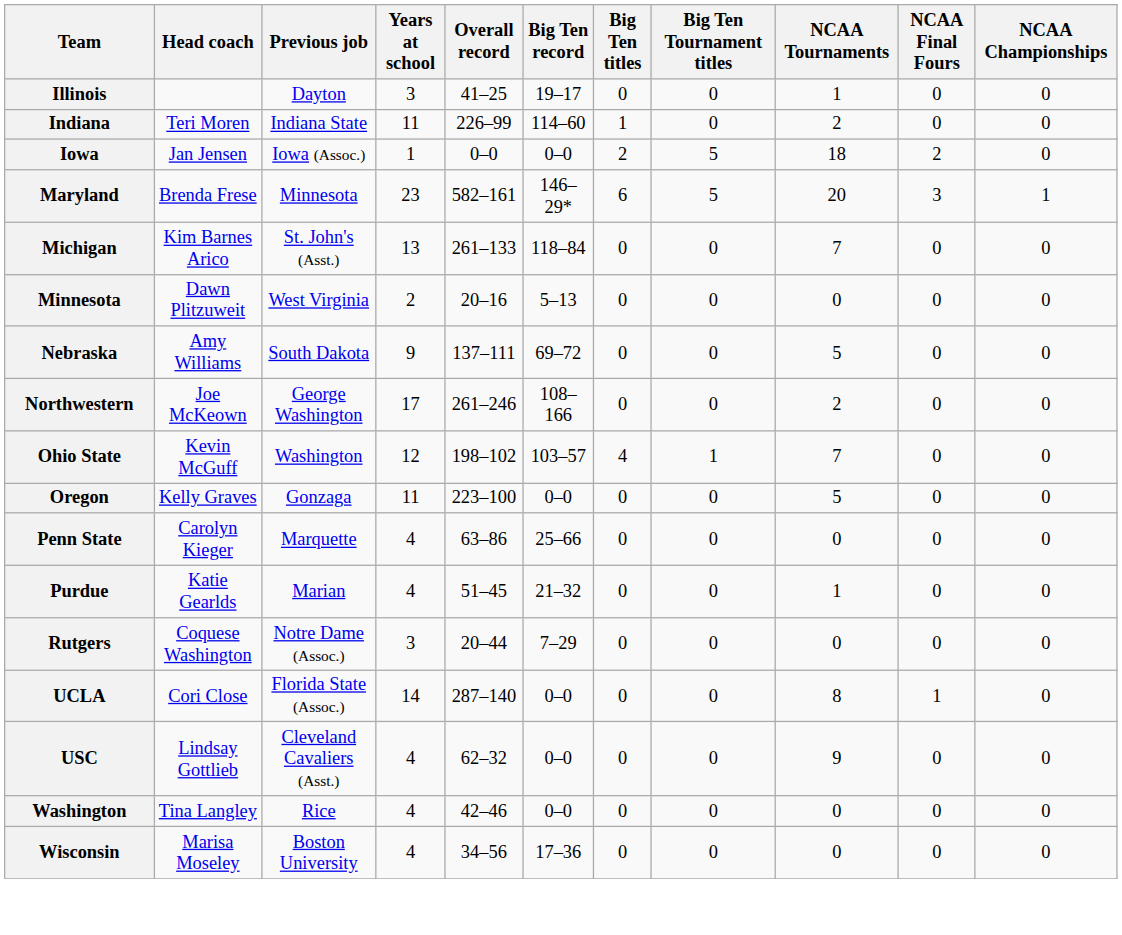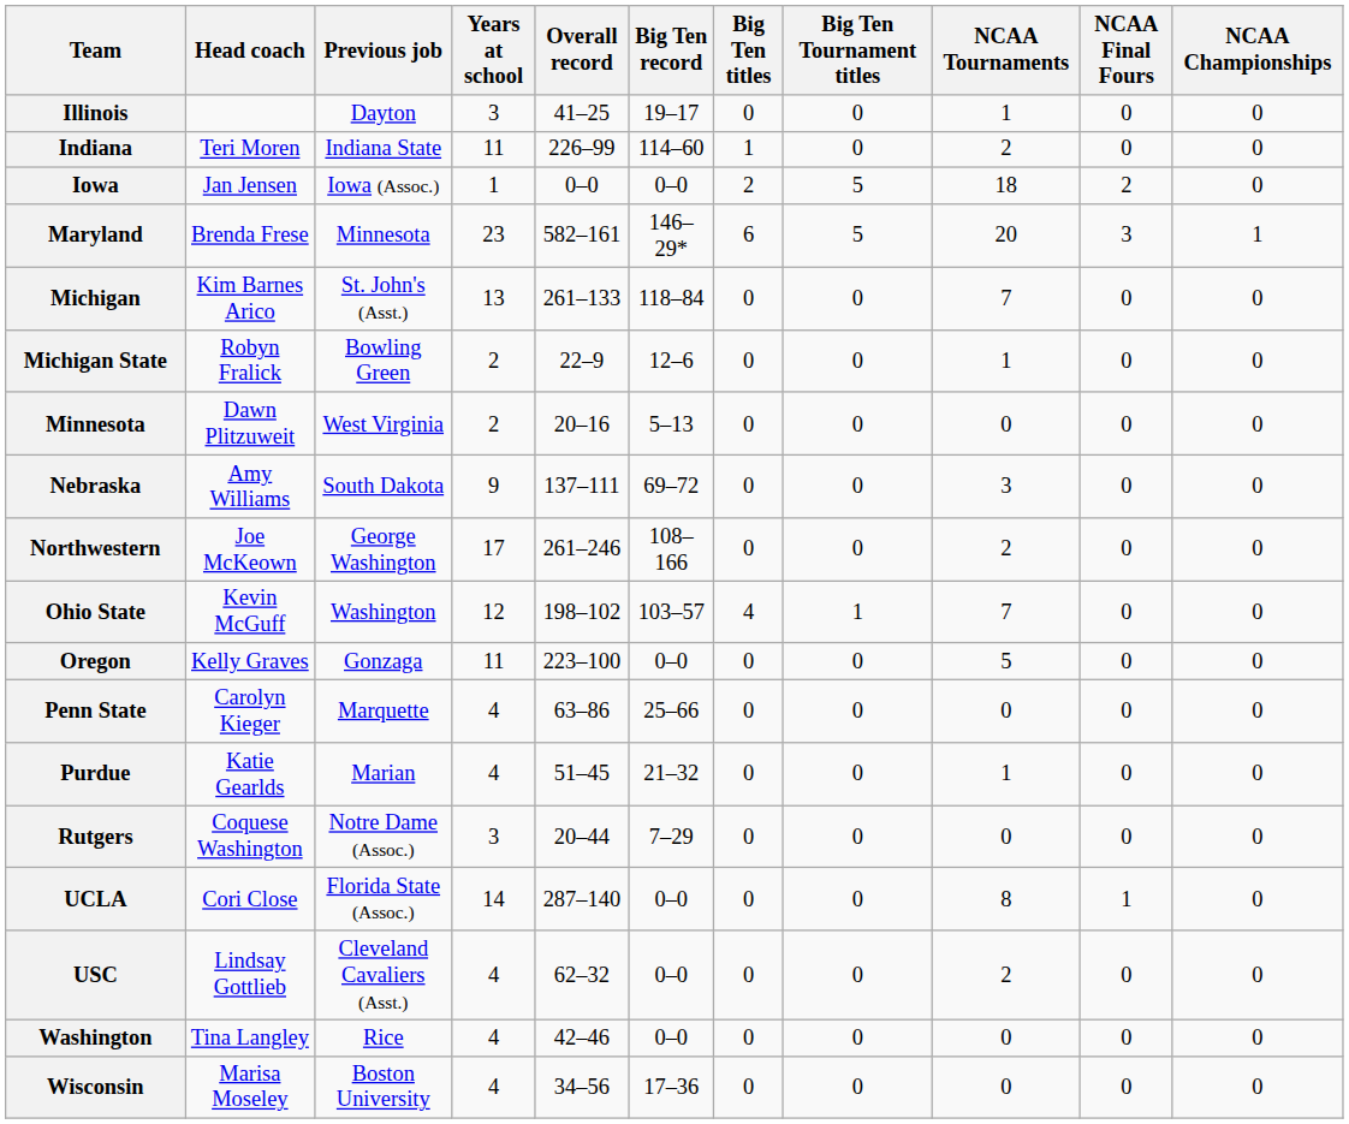 <table class="wikitable sortable" style="text-align: center;font-size:90%;">
 <tr>
 <th width="110">Team</th>
 <th>Head coach</th>
 <th>Previous job</th>
 <th>Years at school</th>
 <th>Overall record</th>
 <th>Big Ten record</th>
 <th>Big Ten titles</th>
 <th>Big Ten Tournament titles</th>
 <th>NCAA Tournaments</th>
 <th>NCAA Final Fours</th>
 <th>NCAA Championships</th>
 </tr>
 <tr>
 <th>Illinois</th>
 <td></td>
 <td><a href='#'>Dayton</a></td>
 <td>3</td>
 <td>41–25</td>
 <td>19–17</td>
 <td>0</td>
 <td>0</td>
 <td>1</td>
 <td>0</td>
 <td>0</td>
 </tr>
 <tr>
 <th>Indiana</th>
 <td><a href='#'>Teri Moren</a></td>
 <td><a href='#'>Indiana State</a></td>
 <td>11</td>
 <td>226–99</td>
 <td>114–60</td>
 <td>1</td>
 <td>0</td>
 <td>2</td>
 <td>0</td>
 <td>0</td>
 </tr>
 <tr>
 <th>Iowa</th>
 <td><a href='#'>Jan Jensen</a></td>
 <td><a href='#'>Iowa</a> <small>(Assoc.)</small></td>
 <td>1</td>
 <td>0–0</td>
 <td>0–0</td>
 <td>2</td>
 <td>5</td>
 <td>18</td>
 <td>2</td>
 <td>0</td>
 </tr>
 <tr>
 <th>Maryland</th>
 <td><a href='#'>Brenda Frese</a></td>
 <td><a href='#'>Minnesota</a></td>
 <td>23</td>
 <td>582–161</td>
 <td>146–29*</td>
 <td>6</td>
 <td>5</td>
 <td>20</td>
 <td>3</td>
 <td>1</td>
 </tr>
 <tr>
 <th>Michigan</th>
 <td><a href='#'>Kim Barnes Arico</a></td>
 <td><a href='#'>St. John's</a> <small>(Asst.)</small></td>
 <td>13</td>
 <td>261–133</td>
 <td>118–84</td>
 <td>0</td>
 <td>0</td>
 <td>7</td>
 <td>0</td>
 <td>0</td>
 </tr>
 <tr>
+<th>Michigan State</th>
+<td><a href='#'>Robyn Fralick</a></td>
+<td><a href='#'>Bowling Green</a></td>
+<td>2</td>
+<td>22–9</td>
+<td>12–6</td>
+<td>0</td>
+<td>0</td>
+<td>1</td>
+<td>0</td>
+<td>0</td>
+</tr>
+<tr>
 <th>Minnesota</th>
 <td><a href='#'>Dawn Plitzuweit</a></td>
 <td><a href='#'>West Virginia</a></td>
 <td>2</td>
 <td>20–16</td>
 <td>5–13</td>
 <td>0</td>
 <td>0</td>
 <td>0</td>
 <td>0</td>
 <td>0</td>
 </tr>
 <tr>
 <th>Nebraska</th>
 <td><a href='#'>Amy Williams</a></td>
 <td><a href='#'>South Dakota</a></td>
 <td>9</td>
 <td>137–111</td>
 <td>69–72</td>
 <td>0</td>
 <td>0</td>
-<td>5</td>
+<td>3</td>
 <td>0</td>
 <td>0</td>
 </tr>
 <tr>
 <th>Northwestern</th>
 <td><a href='#'>Joe McKeown</a></td>
 <td><a href='#'>George Washington</a></td>
 <td>17</td>
 <td>261–246</td>
 <td>108–166</td>
 <td>0</td>
 <td>0</td>
 <td>2</td>
 <td>0</td>
 <td>0</td>
 </tr>
 <tr>
 <th>Ohio State</th>
 <td><a href='#'>Kevin McGuff</a></td>
 <td><a href='#'>Washington</a></td>
 <td>12</td>
 <td>198–102</td>
 <td>103–57</td>
 <td>4</td>
 <td>1</td>
 <td>7</td>
 <td>0</td>
 <td>0</td>
 </tr>
 <tr>
 <th>Oregon</th>
 <td><a href='#'>Kelly Graves</a></td>
 <td><a href='#'>Gonzaga</a></td>
 <td>11</td>
 <td>223–100</td>
 <td>0–0</td>
 <td>0</td>
 <td>0</td>
 <td>5</td>
 <td>0</td>
 <td>0</td>
 </tr>
 <tr>
 <th>Penn State</th>
 <td><a href='#'>Carolyn Kieger</a></td>
 <td><a href='#'>Marquette</a></td>
 <td>4</td>
 <td>63–86</td>
 <td>25–66</td>
 <td>0</td>
 <td>0</td>
 <td>0</td>
 <td>0</td>
 <td>0</td>
 </tr>
 <tr>
 <th>Purdue</th>
 <td><a href='#'>Katie Gearlds</a></td>
 <td><a href='#'>Marian</a></td>
 <td>4</td>
 <td>51–45</td>
 <td>21–32</td>
 <td>0</td>
 <td>0</td>
 <td>1</td>
 <td>0</td>
 <td>0</td>
 </tr>
 <tr>
 <th>Rutgers</th>
 <td><a href='#'>Coquese Washington</a></td>
 <td><a href='#'>Notre Dame</a> <small>(Assoc.)</small></td>
 <td>3</td>
 <td>20–44</td>
 <td>7–29</td>
 <td>0</td>
 <td>0</td>
 <td>0</td>
 <td>0</td>
 <td>0</td>
 </tr>
 <tr>
 <th>UCLA</th>
 <td><a href='#'>Cori Close</a></td>
 <td><a href='#'>Florida State</a> <small>(Assoc.)</small></td>
 <td>14</td>
 <td>287–140</td>
 <td>0–0</td>
 <td>0</td>
 <td>0</td>
 <td>8</td>
 <td>1</td>
 <td>0</td>
 </tr>
 <tr>
 <th>USC</th>
 <td><a href='#'>Lindsay Gottlieb</a></td>
 <td><a href='#'>Cleveland Cavaliers</a> <small>(Asst.)</small></td>
 <td>4</td>
 <td>62–32</td>
 <td>0–0</td>
 <td>0</td>
 <td>0</td>
-<td>9</td>
+<td>2</td>
 <td>0</td>
 <td>0</td>
 </tr>
 <tr>
 <th>Washington</th>
 <td><a href='#'>Tina Langley</a></td>
 <td><a href='#'>Rice</a></td>
 <td>4</td>
 <td>42–46</td>
 <td>0–0</td>
 <td>0</td>
 <td>0</td>
 <td>0</td>
 <td>0</td>
 <td>0</td>
 </tr>
 <tr>
 <th>Wisconsin</th>
 <td><a href='#'>Marisa Moseley</a></td>
 <td><a href='#'>Boston University</a></td>
 <td>4</td>
 <td>34–56</td>
 <td>17–36</td>
 <td>0</td>
 <td>0</td>
 <td>0</td>
 <td>0</td>
 <td>0</td>
 </tr>
 </table>
